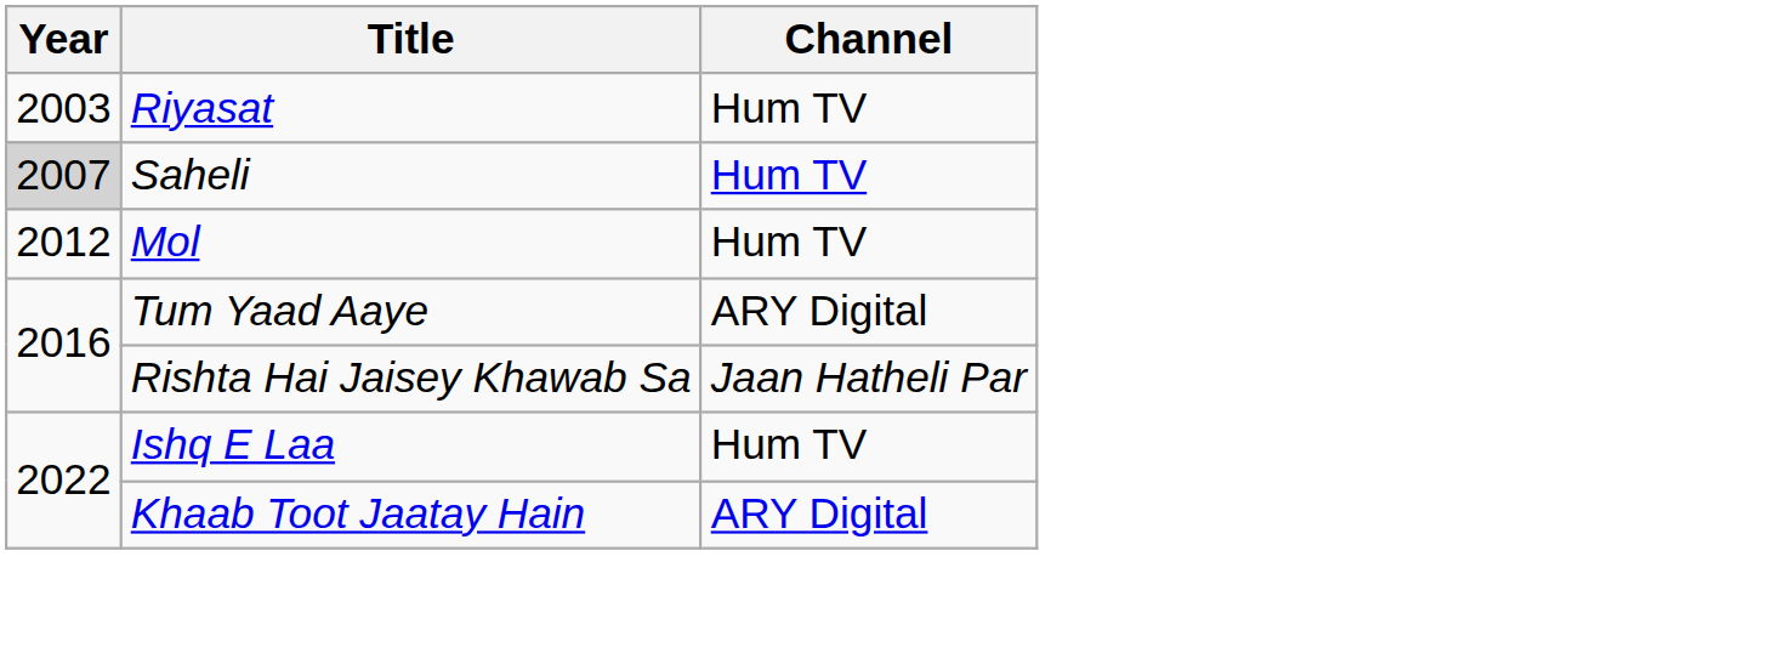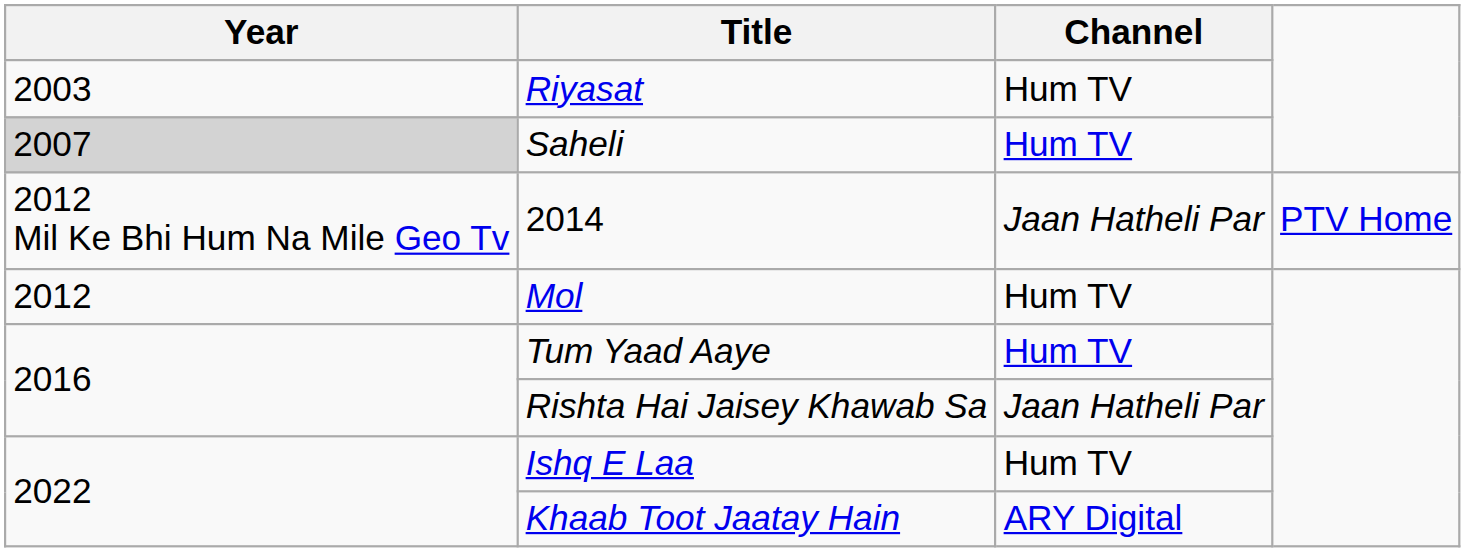 <table class="wikitable">
 <tr>
 <th>Year</th>
 <th>Title</th>
 <th>Channel</th>
 </tr>
 <tr>
 <td>2003</td>
 <td><em><a href='#'>Riyasat</a></em></td>
 <td>Hum TV</td>
 </tr>
 <tr>
 <td style="background: lightgrey;">2007</td>
 <td><em>Saheli</em></td>
 <td><a href='#'>Hum TV</a></td>
 </tr>
 <tr>
+<td>2012<br>Mil Ke Bhi Hum Na Mile <a href='#'>Geo Tv</a></td>
+<td>2014</td>
+<td><em>Jaan Hatheli Par</em></td>
+<td><a href='#'>PTV Home</a></td>
+</tr>
+<tr>
 <td>2012</td>
 <td><em><a href='#'>Mol</a></em></td>
 <td>Hum TV</td>
 </tr>
 <tr>
 <td rowspan="2">2016</td>
 <td><em>Tum Yaad Aaye</em></td>
-<td>ARY Digital</td>
+<td><a href='#'>Hum TV</a></td>
 </tr>
 <tr>
 <td><em>Rishta Hai Jaisey Khawab Sa</em></td>
 <td><em>Jaan Hatheli Par</em></td>
 </tr>
 <tr>
 <td rowspan="2">2022</td>
 <td><em><a href='#'>Ishq E Laa</a></em></td>
 <td>Hum TV</td>
 </tr>
 <tr>
 <td><em><a href='#'>Khaab Toot Jaatay Hain</a></em></td>
 <td><a href='#'>ARY Digital</a></td>
 </tr>
 </table>
